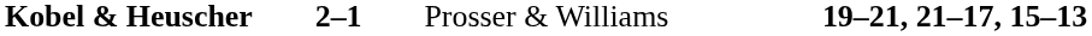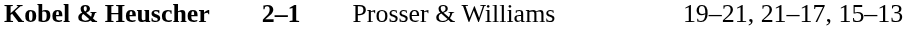 <table>
 <tr>
 <th width=200></th>
 <th width=80></th>
 <th width=200></th>
 <th width=220></th>
 </tr>
 <tr>
 <td align=right> <strong>Kobel & Heuscher</strong></td>
 <td align=center><strong>2–1</strong></td>
 <td align=left>Prosser & Williams</td>
-<td><strong>19–21, 21–17, 15–13</strong></td>
+<td>19–21, 21–17, 15–13</td>
 </tr>
 </table>
